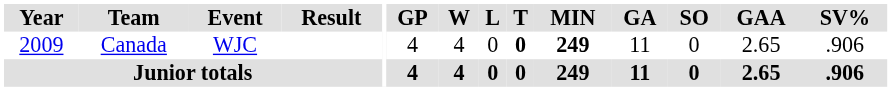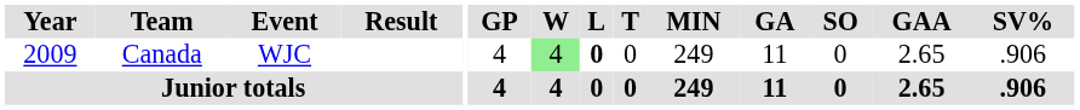 <table border="0" cellpadding="1" cellspacing="0" ID="Table3" style="text-align:center; width:40em">
 <tr ALIGN="center" bgcolor="#e0e0e0">
 <th>Year</th>
 <th>Team</th>
 <th>Event</th>
 <th>Result</th>
 <th rowspan="99" bgcolor="#ffffff"></th>
 <th>GP</th>
 <th>W</th>
 <th>L</th>
 <th>T</th>
 <th>MIN</th>
 <th>GA</th>
 <th>SO</th>
 <th>GAA</th>
 <th>SV%</th>
 </tr>
 <tr>
 <td><a href='#'>2009</a></td>
 <td><a href='#'>Canada</a></td>
 <td><a href='#'>WJC</a></td>
 <td></td>
 <td>4</td>
-<td>4</td>
+<td style="background: lightgreen;">4</td>
+<td><strong>0</strong></td>
 <td>0</td>
-<td><strong>0</strong></td>
-<td><strong>249</strong></td>
+<td>249</td>
 <td>11</td>
 <td>0</td>
 <td>2.65</td>
 <td>.906</td>
 </tr>
 <tr bgcolor="#e0e0e0">
 <th colspan=4>Junior totals</th>
 <th>4</th>
 <th>4</th>
 <th>0</th>
 <th>0</th>
 <th>249</th>
 <th>11</th>
 <th>0</th>
 <th>2.65</th>
 <th>.906</th>
 </tr>
 </table>
